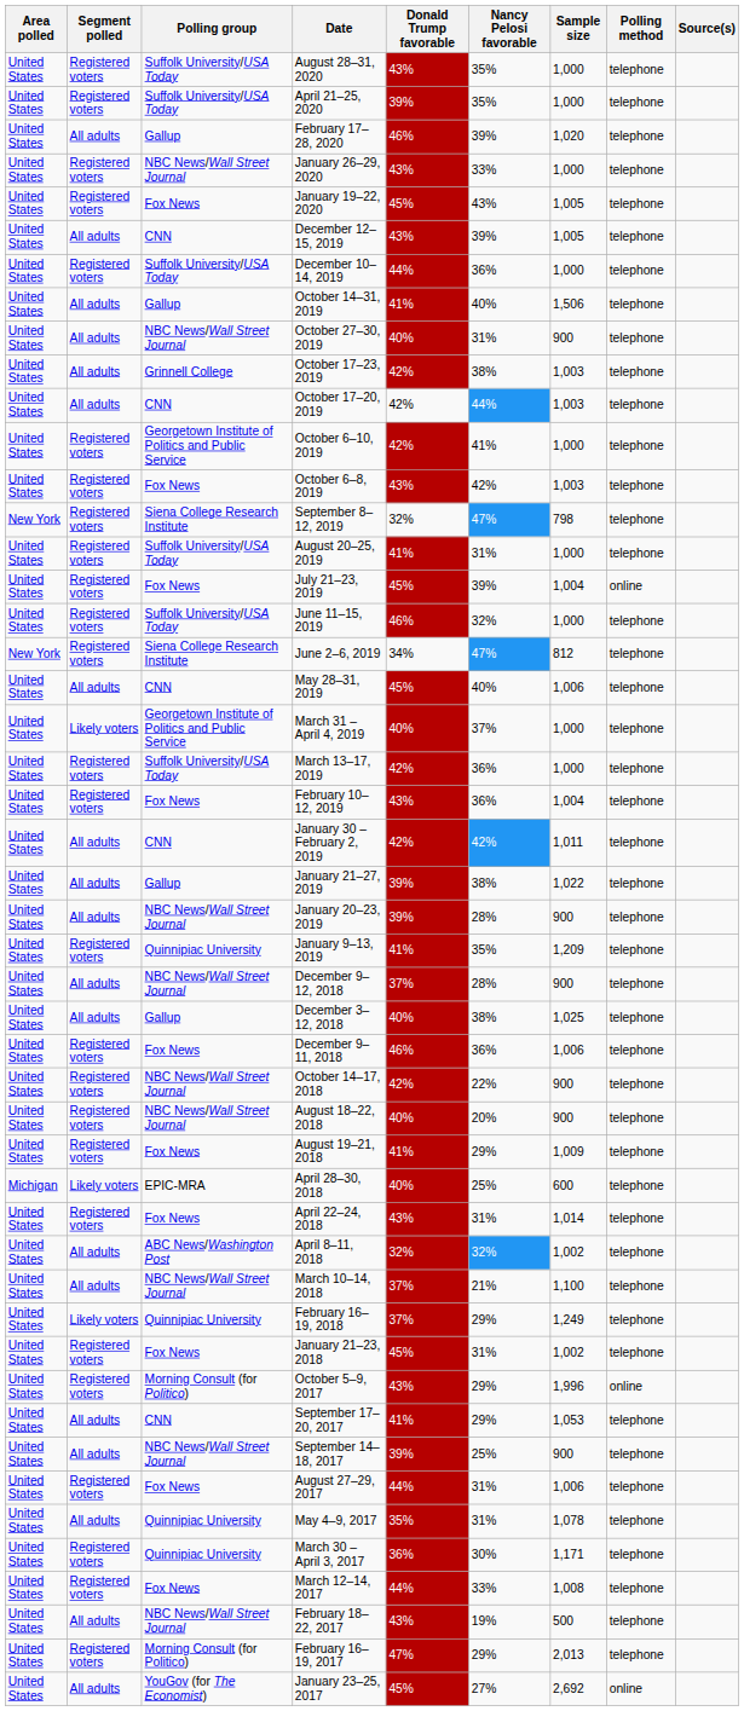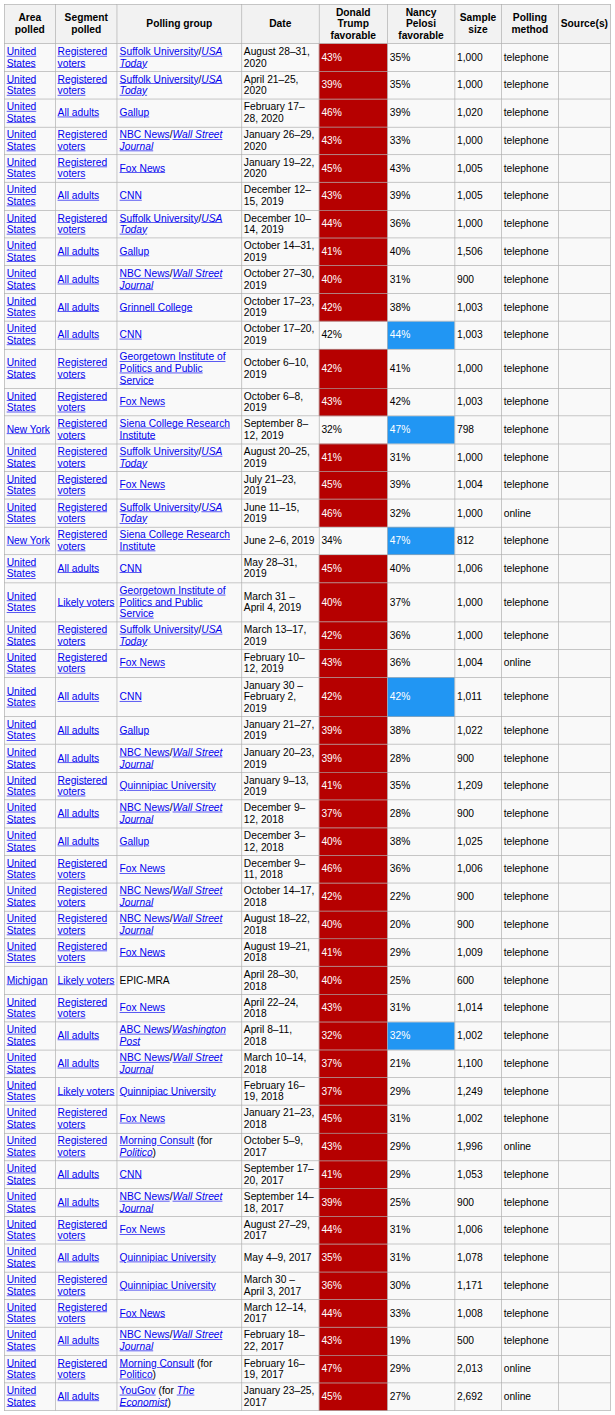 <table class="wikitable sortable" style="width: 75%;">
 <tr>
 <th>Area polled</th>
 <th>Segment polled</th>
 <th>Polling group</th>
 <th>Date</th>
 <th>Donald Trump favorable</th>
 <th>Nancy Pelosi favorable</th>
 <th>Sample size</th>
 <th>Polling method</th>
 <th>Source(s)</th>
 </tr>
 <tr>
 <td> <a href='#'>United States</a></td>
 <td><a href='#'>Registered voters</a></td>
 <td><a href='#'>Suffolk University</a>/<em><a href='#'>USA Today</a></em></td>
 <td>August 28–31, 2020</td>
 <td style="background:#B60000; color: white">43%</td>
 <td>35%</td>
 <td>1,000</td>
 <td>telephone</td>
 <td></td>
 </tr>
 <tr>
 <td> <a href='#'>United States</a></td>
 <td><a href='#'>Registered voters</a></td>
 <td><a href='#'>Suffolk University</a>/<em><a href='#'>USA Today</a></em></td>
 <td>April 21–25, 2020</td>
 <td style="background:#B60000; color: white">39%</td>
 <td>35%</td>
 <td>1,000</td>
 <td>telephone</td>
 <td></td>
 </tr>
 <tr>
 <td> <a href='#'>United States</a></td>
 <td><a href='#'>All adults</a></td>
 <td><a href='#'>Gallup</a></td>
 <td>February 17–28, 2020</td>
 <td style="background:#B60000; color: white">46%</td>
 <td>39%</td>
 <td>1,020</td>
 <td>telephone</td>
 <td></td>
 </tr>
 <tr>
 <td> <a href='#'>United States</a></td>
 <td><a href='#'>Registered voters</a></td>
 <td><a href='#'>NBC News</a>/<em><a href='#'>Wall Street Journal</a></em></td>
 <td>January 26–29, 2020</td>
 <td style="background:#B60000; color: white">43%</td>
 <td>33%</td>
 <td>1,000</td>
 <td>telephone</td>
 <td></td>
 </tr>
 <tr>
 <td> <a href='#'>United States</a></td>
 <td><a href='#'>Registered voters</a></td>
 <td><a href='#'>Fox News</a></td>
 <td>January 19–22, 2020</td>
 <td style="background:#B60000; color: white">45%</td>
 <td>43%</td>
 <td>1,005</td>
 <td>telephone</td>
 <td></td>
 </tr>
 <tr>
 <td> <a href='#'>United States</a></td>
 <td><a href='#'>All adults</a></td>
 <td><a href='#'>CNN</a></td>
 <td>December 12–15, 2019</td>
 <td style="background:#B60000; color: white">43%</td>
 <td>39%</td>
 <td>1,005</td>
 <td>telephone</td>
 <td></td>
 </tr>
 <tr>
 <td> <a href='#'>United States</a></td>
 <td><a href='#'>Registered voters</a></td>
 <td><a href='#'>Suffolk University</a>/<em><a href='#'>USA Today</a></em></td>
 <td>December 10–14, 2019</td>
 <td style="background:#B60000; color: white">44%</td>
 <td>36%</td>
 <td>1,000</td>
 <td>telephone</td>
 <td></td>
 </tr>
 <tr>
 <td> <a href='#'>United States</a></td>
 <td><a href='#'>All adults</a></td>
 <td><a href='#'>Gallup</a></td>
 <td>October 14–31, 2019</td>
 <td style="background:#B60000; color: white">41%</td>
 <td>40%</td>
 <td>1,506</td>
 <td>telephone</td>
 <td></td>
 </tr>
 <tr>
 <td> <a href='#'>United States</a></td>
 <td><a href='#'>All adults</a></td>
 <td><a href='#'>NBC News</a>/<em><a href='#'>Wall Street Journal</a></em></td>
 <td>October 27–30, 2019</td>
 <td style="background:#B60000; color: white">40%</td>
 <td>31%</td>
 <td>900</td>
 <td>telephone</td>
 <td></td>
 </tr>
 <tr>
 <td> <a href='#'>United States</a></td>
 <td><a href='#'>All adults</a></td>
 <td><a href='#'>Grinnell College</a></td>
 <td>October 17–23, 2019</td>
 <td style="background:#B60000; color: white">42%</td>
 <td>38%</td>
 <td>1,003</td>
 <td>telephone</td>
 <td></td>
 </tr>
 <tr>
 <td> <a href='#'>United States</a></td>
 <td><a href='#'>All adults</a></td>
 <td><a href='#'>CNN</a></td>
 <td>October 17–20, 2019</td>
 <td>42%</td>
 <td style="background:#2196F3; color: white">44%</td>
 <td>1,003</td>
 <td>telephone</td>
 <td></td>
 </tr>
 <tr>
 <td> <a href='#'>United States</a></td>
 <td><a href='#'>Registered voters</a></td>
 <td><a href='#'>Georgetown Institute of Politics and Public Service</a></td>
 <td>October 6–10, 2019</td>
 <td style="background:#B60000; color: white">42%</td>
 <td>41%</td>
 <td>1,000</td>
 <td>telephone</td>
 <td></td>
 </tr>
 <tr>
 <td> <a href='#'>United States</a></td>
 <td><a href='#'>Registered voters</a></td>
 <td><a href='#'>Fox News</a></td>
 <td>October 6–8, 2019</td>
 <td style="background:#B60000; color: white">43%</td>
 <td>42%</td>
 <td>1,003</td>
 <td>telephone</td>
 <td></td>
 </tr>
 <tr>
 <td> <a href='#'>New York</a></td>
 <td><a href='#'>Registered voters</a></td>
 <td><a href='#'>Siena College Research Institute</a></td>
 <td>September 8–12, 2019</td>
 <td>32%</td>
 <td style="background:#2196F3; color: white">47%</td>
 <td>798</td>
 <td>telephone</td>
 <td></td>
 </tr>
 <tr>
 <td> <a href='#'>United States</a></td>
 <td><a href='#'>Registered voters</a></td>
 <td><a href='#'>Suffolk University</a>/<em><a href='#'>USA Today</a></em></td>
 <td>August 20–25, 2019</td>
 <td style="background:#B60000; color: white">41%</td>
 <td>31%</td>
 <td>1,000</td>
 <td>telephone</td>
 <td></td>
 </tr>
 <tr>
 <td> <a href='#'>United States</a></td>
 <td><a href='#'>Registered voters</a></td>
 <td><a href='#'>Fox News</a></td>
 <td>July 21–23, 2019</td>
 <td style="background:#B60000; color: white">45%</td>
 <td>39%</td>
 <td>1,004</td>
-<td>online</td>
+<td>telephone</td>
 <td></td>
 </tr>
 <tr>
 <td> <a href='#'>United States</a></td>
 <td><a href='#'>Registered voters</a></td>
 <td><a href='#'>Suffolk University</a>/<em><a href='#'>USA Today</a></em></td>
 <td>June 11–15, 2019</td>
 <td style="background:#B60000; color: white">46%</td>
 <td>32%</td>
 <td>1,000</td>
-<td>telephone</td>
+<td>online</td>
 <td></td>
 </tr>
 <tr>
 <td> <a href='#'>New York</a></td>
 <td><a href='#'>Registered voters</a></td>
 <td><a href='#'>Siena College Research Institute</a></td>
 <td>June 2–6, 2019</td>
 <td>34%</td>
 <td style="background:#2196F3; color: white">47%</td>
 <td>812</td>
 <td>telephone</td>
 <td></td>
 </tr>
 <tr>
 <td> <a href='#'>United States</a></td>
 <td><a href='#'>All adults</a></td>
 <td><a href='#'>CNN</a></td>
 <td>May 28–31, 2019</td>
 <td style="background:#B60000; color: white">45%</td>
 <td>40%</td>
 <td>1,006</td>
 <td>telephone</td>
 <td></td>
 </tr>
 <tr>
 <td> <a href='#'>United States</a></td>
 <td><a href='#'>Likely voters</a></td>
 <td><a href='#'>Georgetown Institute of Politics and Public Service</a></td>
 <td>March 31 – April 4, 2019</td>
 <td style="background:#B60000; color: white">40%</td>
 <td>37%</td>
 <td>1,000</td>
 <td>telephone</td>
 <td></td>
 </tr>
 <tr>
 <td> <a href='#'>United States</a></td>
 <td><a href='#'>Registered voters</a></td>
 <td><a href='#'>Suffolk University</a>/<em><a href='#'>USA Today</a></em></td>
 <td>March 13–17, 2019</td>
 <td style="background:#B60000; color: white">42%</td>
 <td>36%</td>
 <td>1,000</td>
 <td>telephone</td>
 <td></td>
 </tr>
 <tr>
 <td> <a href='#'>United States</a></td>
 <td><a href='#'>Registered voters</a></td>
 <td><a href='#'>Fox News</a></td>
 <td>February 10–12, 2019</td>
 <td style="background:#B60000; color: white">43%</td>
 <td>36%</td>
 <td>1,004</td>
-<td>telephone</td>
+<td>online</td>
 <td></td>
 </tr>
 <tr>
 <td> <a href='#'>United States</a></td>
 <td><a href='#'>All adults</a></td>
 <td><a href='#'>CNN</a></td>
 <td>January 30 – February 2, 2019</td>
 <td style="background:#B60000; color: white">42%</td>
 <td style="background:#2196F3; color: white">42%</td>
 <td>1,011</td>
 <td>telephone</td>
 <td></td>
 </tr>
 <tr>
 <td> <a href='#'>United States</a></td>
 <td><a href='#'>All adults</a></td>
 <td><a href='#'>Gallup</a></td>
 <td>January 21–27, 2019</td>
 <td style="background:#B60000; color: white">39%</td>
 <td>38%</td>
 <td>1,022</td>
 <td>telephone</td>
 <td></td>
 </tr>
 <tr>
 <td> <a href='#'>United States</a></td>
 <td><a href='#'>All adults</a></td>
 <td><a href='#'>NBC News</a>/<em><a href='#'>Wall Street Journal</a></em></td>
 <td>January 20–23, 2019</td>
 <td style="background:#B60000; color: white">39%</td>
 <td>28%</td>
 <td>900</td>
 <td>telephone</td>
 <td></td>
 </tr>
 <tr>
 <td> <a href='#'>United States</a></td>
 <td><a href='#'>Registered voters</a></td>
 <td><a href='#'>Quinnipiac University</a></td>
 <td>January 9–13, 2019</td>
 <td style="background:#B60000; color: white">41%</td>
 <td>35%</td>
 <td>1,209</td>
 <td>telephone</td>
 <td></td>
 </tr>
 <tr>
 <td> <a href='#'>United States</a></td>
 <td><a href='#'>All adults</a></td>
 <td><a href='#'>NBC News</a>/<em><a href='#'>Wall Street Journal</a></em></td>
 <td>December 9–12, 2018</td>
 <td style="background:#B60000; color: white">37%</td>
 <td>28%</td>
 <td>900</td>
 <td>telephone</td>
 <td></td>
 </tr>
 <tr>
 <td> <a href='#'>United States</a></td>
 <td><a href='#'>All adults</a></td>
 <td><a href='#'>Gallup</a></td>
 <td>December 3–12, 2018</td>
 <td style="background:#B60000; color: white">40%</td>
 <td>38%</td>
 <td>1,025</td>
 <td>telephone</td>
 <td></td>
 </tr>
 <tr>
 <td> <a href='#'>United States</a></td>
 <td><a href='#'>Registered voters</a></td>
 <td><a href='#'>Fox News</a></td>
 <td>December 9–11, 2018</td>
 <td style="background:#B60000; color: white">46%</td>
 <td>36%</td>
 <td>1,006</td>
 <td>telephone</td>
 <td></td>
 </tr>
 <tr>
 <td> <a href='#'>United States</a></td>
 <td><a href='#'>Registered voters</a></td>
 <td><a href='#'>NBC News</a>/<em><a href='#'>Wall Street Journal</a></em></td>
 <td>October 14–17, 2018</td>
 <td style="background:#B60000; color: white">42%</td>
 <td>22%</td>
 <td>900</td>
 <td>telephone</td>
 <td></td>
 </tr>
 <tr>
 <td> <a href='#'>United States</a></td>
 <td><a href='#'>Registered voters</a></td>
 <td><a href='#'>NBC News</a>/<em><a href='#'>Wall Street Journal</a></em></td>
 <td>August 18–22, 2018</td>
 <td style="background:#B60000; color: white">40%</td>
 <td>20%</td>
 <td>900</td>
 <td>telephone</td>
 <td></td>
 </tr>
 <tr>
 <td> <a href='#'>United States</a></td>
 <td><a href='#'>Registered voters</a></td>
 <td><a href='#'>Fox News</a></td>
 <td>August 19–21, 2018</td>
 <td style="background:#B60000; color: white">41%</td>
 <td>29%</td>
 <td>1,009</td>
 <td>telephone</td>
 <td></td>
 </tr>
 <tr>
 <td> <a href='#'>Michigan</a></td>
 <td><a href='#'>Likely voters</a></td>
 <td>EPIC-MRA</td>
 <td>April 28–30, 2018</td>
 <td style="background:#B60000; color: white">40%</td>
 <td>25%</td>
 <td>600</td>
 <td>telephone</td>
 <td></td>
 </tr>
 <tr>
 <td> <a href='#'>United States</a></td>
 <td><a href='#'>Registered voters</a></td>
 <td><a href='#'>Fox News</a></td>
 <td>April 22–24, 2018</td>
 <td style="background:#B60000; color: white">43%</td>
 <td>31%</td>
 <td>1,014</td>
 <td>telephone</td>
 <td></td>
 </tr>
 <tr>
 <td> <a href='#'>United States</a></td>
 <td><a href='#'>All adults</a></td>
 <td><a href='#'>ABC News</a>/<em><a href='#'>Washington Post</a></em></td>
 <td>April 8–11, 2018</td>
 <td style="background:#B60000; color: white">32%</td>
 <td style="background:#2196F3; color: white">32%</td>
 <td>1,002</td>
 <td>telephone</td>
 <td></td>
 </tr>
 <tr>
 <td> <a href='#'>United States</a></td>
 <td><a href='#'>All adults</a></td>
 <td><a href='#'>NBC News</a>/<em><a href='#'>Wall Street Journal</a></em></td>
 <td>March 10–14, 2018</td>
 <td style="background:#B60000; color: white">37%</td>
 <td>21%</td>
 <td>1,100</td>
 <td>telephone</td>
 <td></td>
 </tr>
 <tr>
 <td> <a href='#'>United States</a></td>
 <td><a href='#'>Likely voters</a></td>
 <td><a href='#'>Quinnipiac University</a></td>
 <td>February 16–19, 2018</td>
 <td style="background:#B60000; color: white">37%</td>
 <td>29%</td>
 <td>1,249</td>
 <td>telephone</td>
 <td></td>
 </tr>
 <tr>
 <td> <a href='#'>United States</a></td>
 <td><a href='#'>Registered voters</a></td>
 <td><a href='#'>Fox News</a></td>
 <td>January 21–23, 2018</td>
 <td style="background:#B60000; color: white">45%</td>
 <td>31%</td>
 <td>1,002</td>
 <td>telephone</td>
 <td></td>
 </tr>
 <tr>
 <td> <a href='#'>United States</a></td>
 <td><a href='#'>Registered voters</a></td>
 <td><a href='#'>Morning Consult</a> (for <em><a href='#'>Politico</a></em>)</td>
 <td>October 5–9, 2017</td>
 <td style="background:#B60000; color: white">43%</td>
 <td>29%</td>
 <td>1,996</td>
 <td>online</td>
 <td></td>
 </tr>
 <tr>
 <td> <a href='#'>United States</a></td>
 <td><a href='#'>All adults</a></td>
 <td><a href='#'>CNN</a></td>
 <td>September 17–20, 2017</td>
 <td style="background:#B60000; color: white">41%</td>
 <td>29%</td>
 <td>1,053</td>
 <td>telephone</td>
 <td></td>
 </tr>
 <tr>
 <td> <a href='#'>United States</a></td>
 <td><a href='#'>All adults</a></td>
 <td><a href='#'>NBC News</a>/<em><a href='#'>Wall Street Journal</a></em></td>
 <td>September 14–18, 2017</td>
 <td style="background:#B60000; color: white">39%</td>
 <td>25%</td>
 <td>900</td>
 <td>telephone</td>
 <td></td>
 </tr>
 <tr>
 <td> <a href='#'>United States</a></td>
 <td><a href='#'>Registered voters</a></td>
 <td><a href='#'>Fox News</a></td>
 <td>August 27–29, 2017</td>
 <td style="background:#B60000; color: white">44%</td>
 <td>31%</td>
 <td>1,006</td>
 <td>telephone</td>
 <td></td>
 </tr>
 <tr>
 <td> <a href='#'>United States</a></td>
 <td><a href='#'>All adults</a></td>
 <td><a href='#'>Quinnipiac University</a></td>
 <td>May 4–9, 2017</td>
 <td style="background:#B60000; color: white">35%</td>
 <td>31%</td>
 <td>1,078</td>
 <td>telephone</td>
 <td></td>
 </tr>
 <tr>
 <td> <a href='#'>United States</a></td>
 <td><a href='#'>Registered voters</a></td>
 <td><a href='#'>Quinnipiac University</a></td>
 <td>March 30 – April 3, 2017</td>
 <td style="background:#B60000; color: white">36%</td>
 <td>30%</td>
 <td>1,171</td>
 <td>telephone</td>
 <td></td>
 </tr>
 <tr>
 <td> <a href='#'>United States</a></td>
 <td><a href='#'>Registered voters</a></td>
 <td><a href='#'>Fox News</a></td>
 <td>March 12–14, 2017</td>
 <td style="background:#B60000; color: white">44%</td>
 <td>33%</td>
 <td>1,008</td>
 <td>telephone</td>
 <td></td>
 </tr>
 <tr>
 <td> <a href='#'>United States</a></td>
 <td><a href='#'>All adults</a></td>
 <td><a href='#'>NBC News</a>/<em><a href='#'>Wall Street Journal</a></em></td>
 <td>February 18–22, 2017</td>
 <td style="background:#B60000; color: white">43%</td>
 <td>19%</td>
 <td>500</td>
 <td>telephone</td>
 <td></td>
 </tr>
 <tr>
 <td> <a href='#'>United States</a></td>
 <td><a href='#'>Registered voters</a></td>
 <td><a href='#'>Morning Consult</a> (for <a href='#'>Politico</a>)</td>
 <td>February 16–19, 2017</td>
 <td style="background:#B60000; color: white">47%</td>
 <td>29%</td>
 <td>2,013</td>
-<td>telephone</td>
+<td>online</td>
 <td></td>
 </tr>
 <tr>
 <td> <a href='#'>United States</a></td>
 <td><a href='#'>All adults</a></td>
 <td><a href='#'>YouGov</a> (for <em><a href='#'>The Economist</a></em>)</td>
 <td>January 23–25, 2017</td>
 <td style="background:#B60000; color: white">45%</td>
 <td>27%</td>
 <td>2,692</td>
 <td>online</td>
 <td></td>
 </tr>
 </table>
